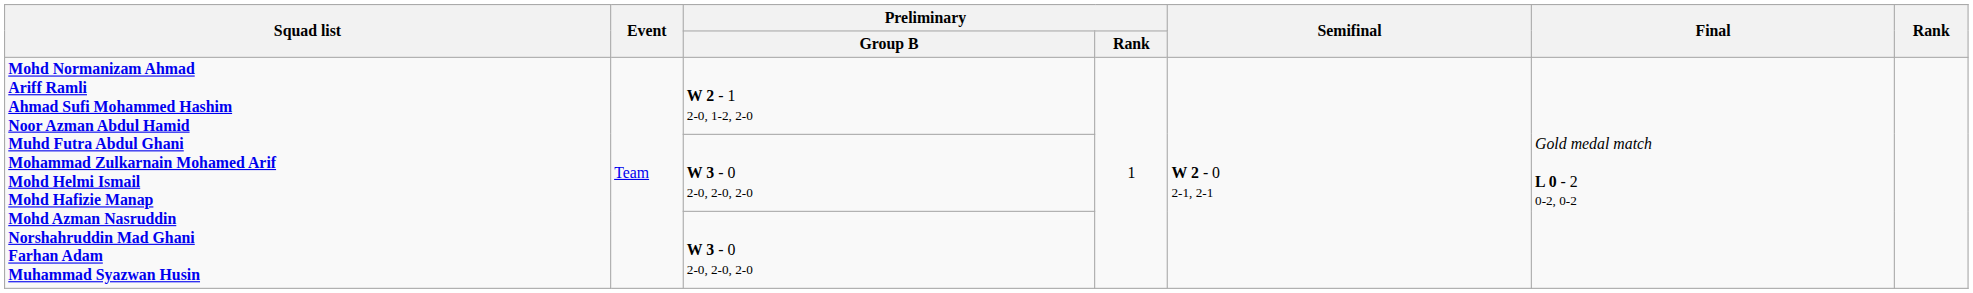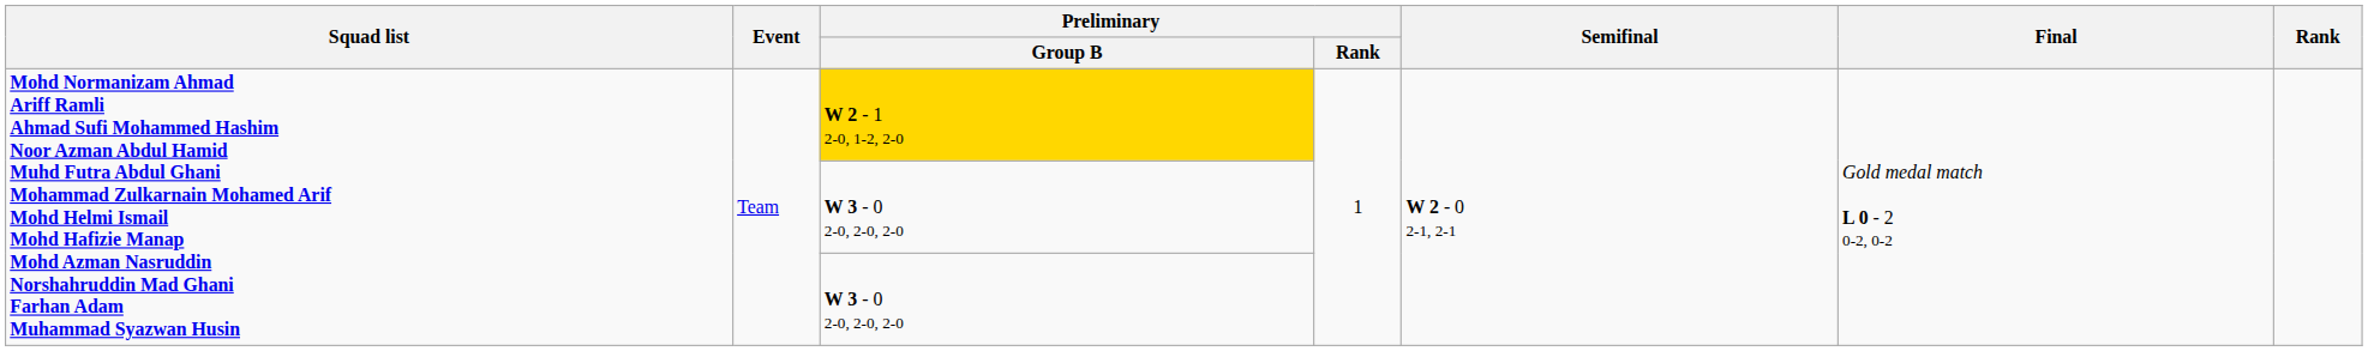 <table class="wikitable" width="90%" style="text-align:center; font-size:90%">
 <tr>
 <th rowspan=2 width="25%">Squad list</th>
 <th rowspan=2 width="3%">Event</th>
 <th colspan=2 width="20%">Preliminary</th>
 <th rowspan=2 width="15%">Semifinal</th>
 <th rowspan=2 width="15%">Final</th>
 <th rowspan=2 width="3%">Rank</th>
 </tr>
 <tr>
 <th>Group B</th>
 <th width=3%>Rank</th>
 </tr>
 <tr>
 <td rowspan="3" align="left"><strong><a href='#'>Mohd Normanizam Ahmad</a><br><a href='#'>Ariff Ramli</a><br><a href='#'>Ahmad Sufi Mohammed Hashim</a><br> <a href='#'>Noor Azman Abdul Hamid</a><br><a href='#'>Muhd Futra Abdul Ghani</a><br><a href='#'>Mohammad Zulkarnain Mohamed Arif</a><br> <a href='#'>Mohd Helmi Ismail</a><br><a href='#'>Mohd Hafizie Manap</a><br><a href='#'>Mohd Azman Nasruddin</a><br><a href='#'>Norshahruddin Mad Ghani</a><br><a href='#'>Farhan Adam</a><br><a href='#'>Muhammad Syazwan Husin</a></strong></td>
 <td rowspan="3" align="left"><a href='#'>Team</a></td>
-<td align="left"><br><strong>W 2</strong> - 1<br><small>2-0, 1-2, 2-0</small></td>
+<td align="left" style="background: gold;"><br><strong>W 2</strong> - 1<br><small>2-0, 1-2, 2-0</small></td>
 <td rowspan="3">1 <strong></strong></td>
 <td rowspan="3" align="left"><br><strong>W 2</strong> - 0<br><small>2-1, 2-1</small></td>
 <td rowspan="3" align="left"><em>Gold medal match</em><br><br><strong>L 0</strong> - 2<br><small>0-2, 0-2</small></td>
 <td rowspan=3></td>
 </tr>
 <tr>
 <td align="left"><br><strong>W 3</strong> - 0<br><small>2-0, 2-0, 2-0</small></td>
 </tr>
 <tr>
 <td align="left"><br><strong>W 3</strong> - 0<br><small>2-0, 2-0, 2-0</small></td>
 </tr>
 </table>
